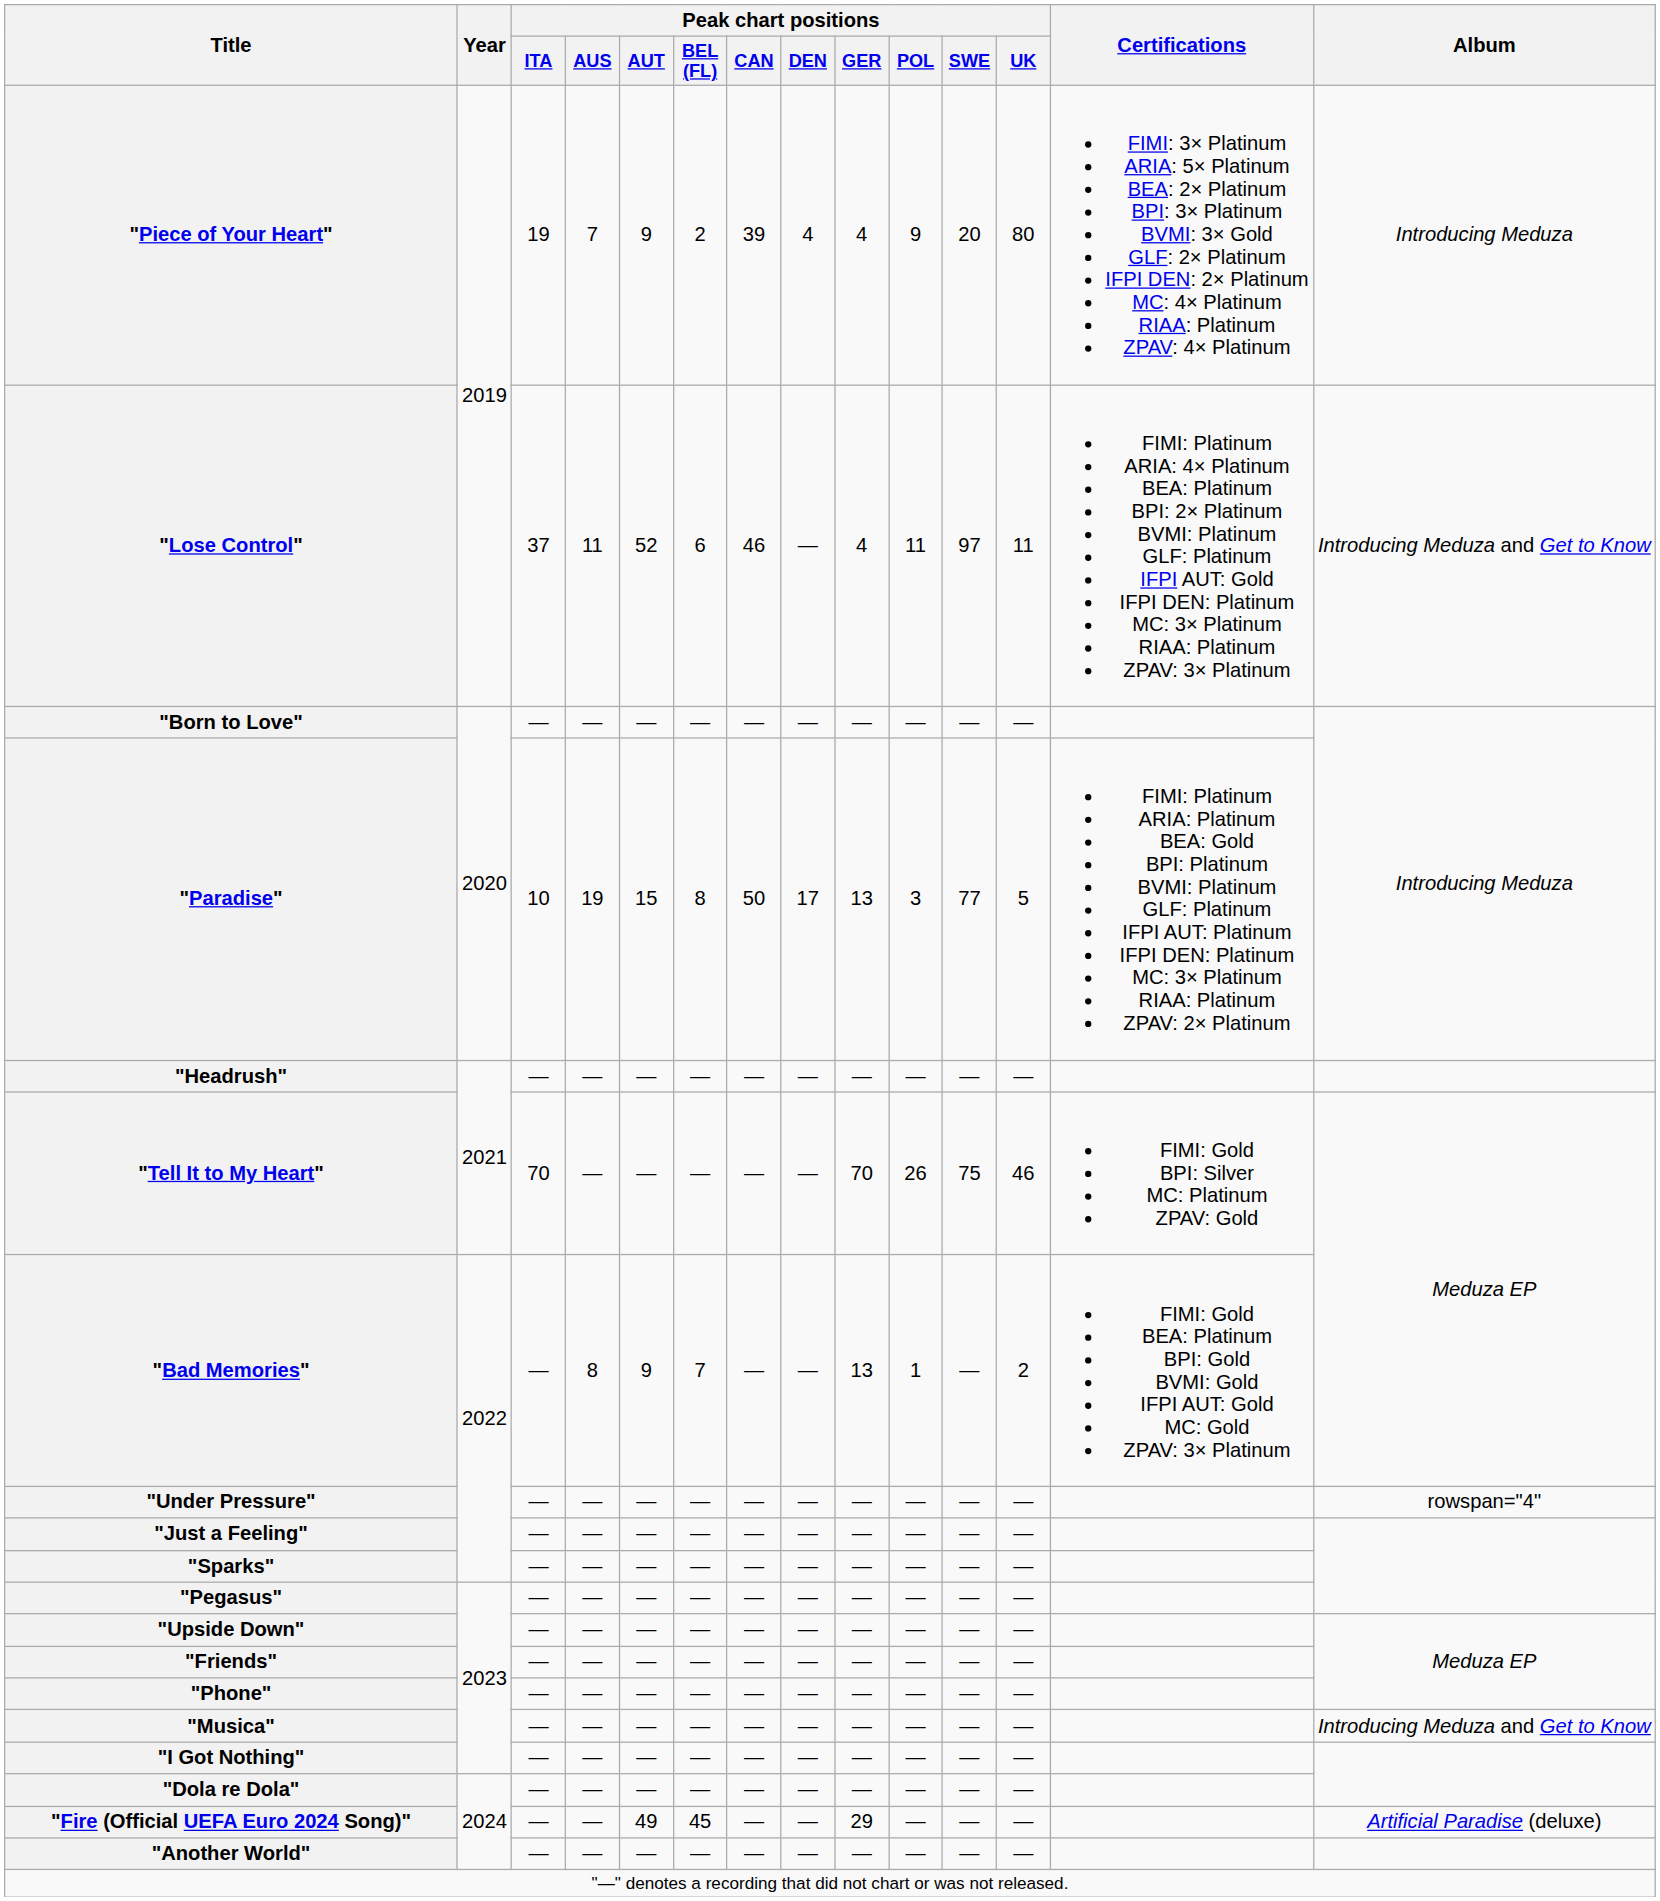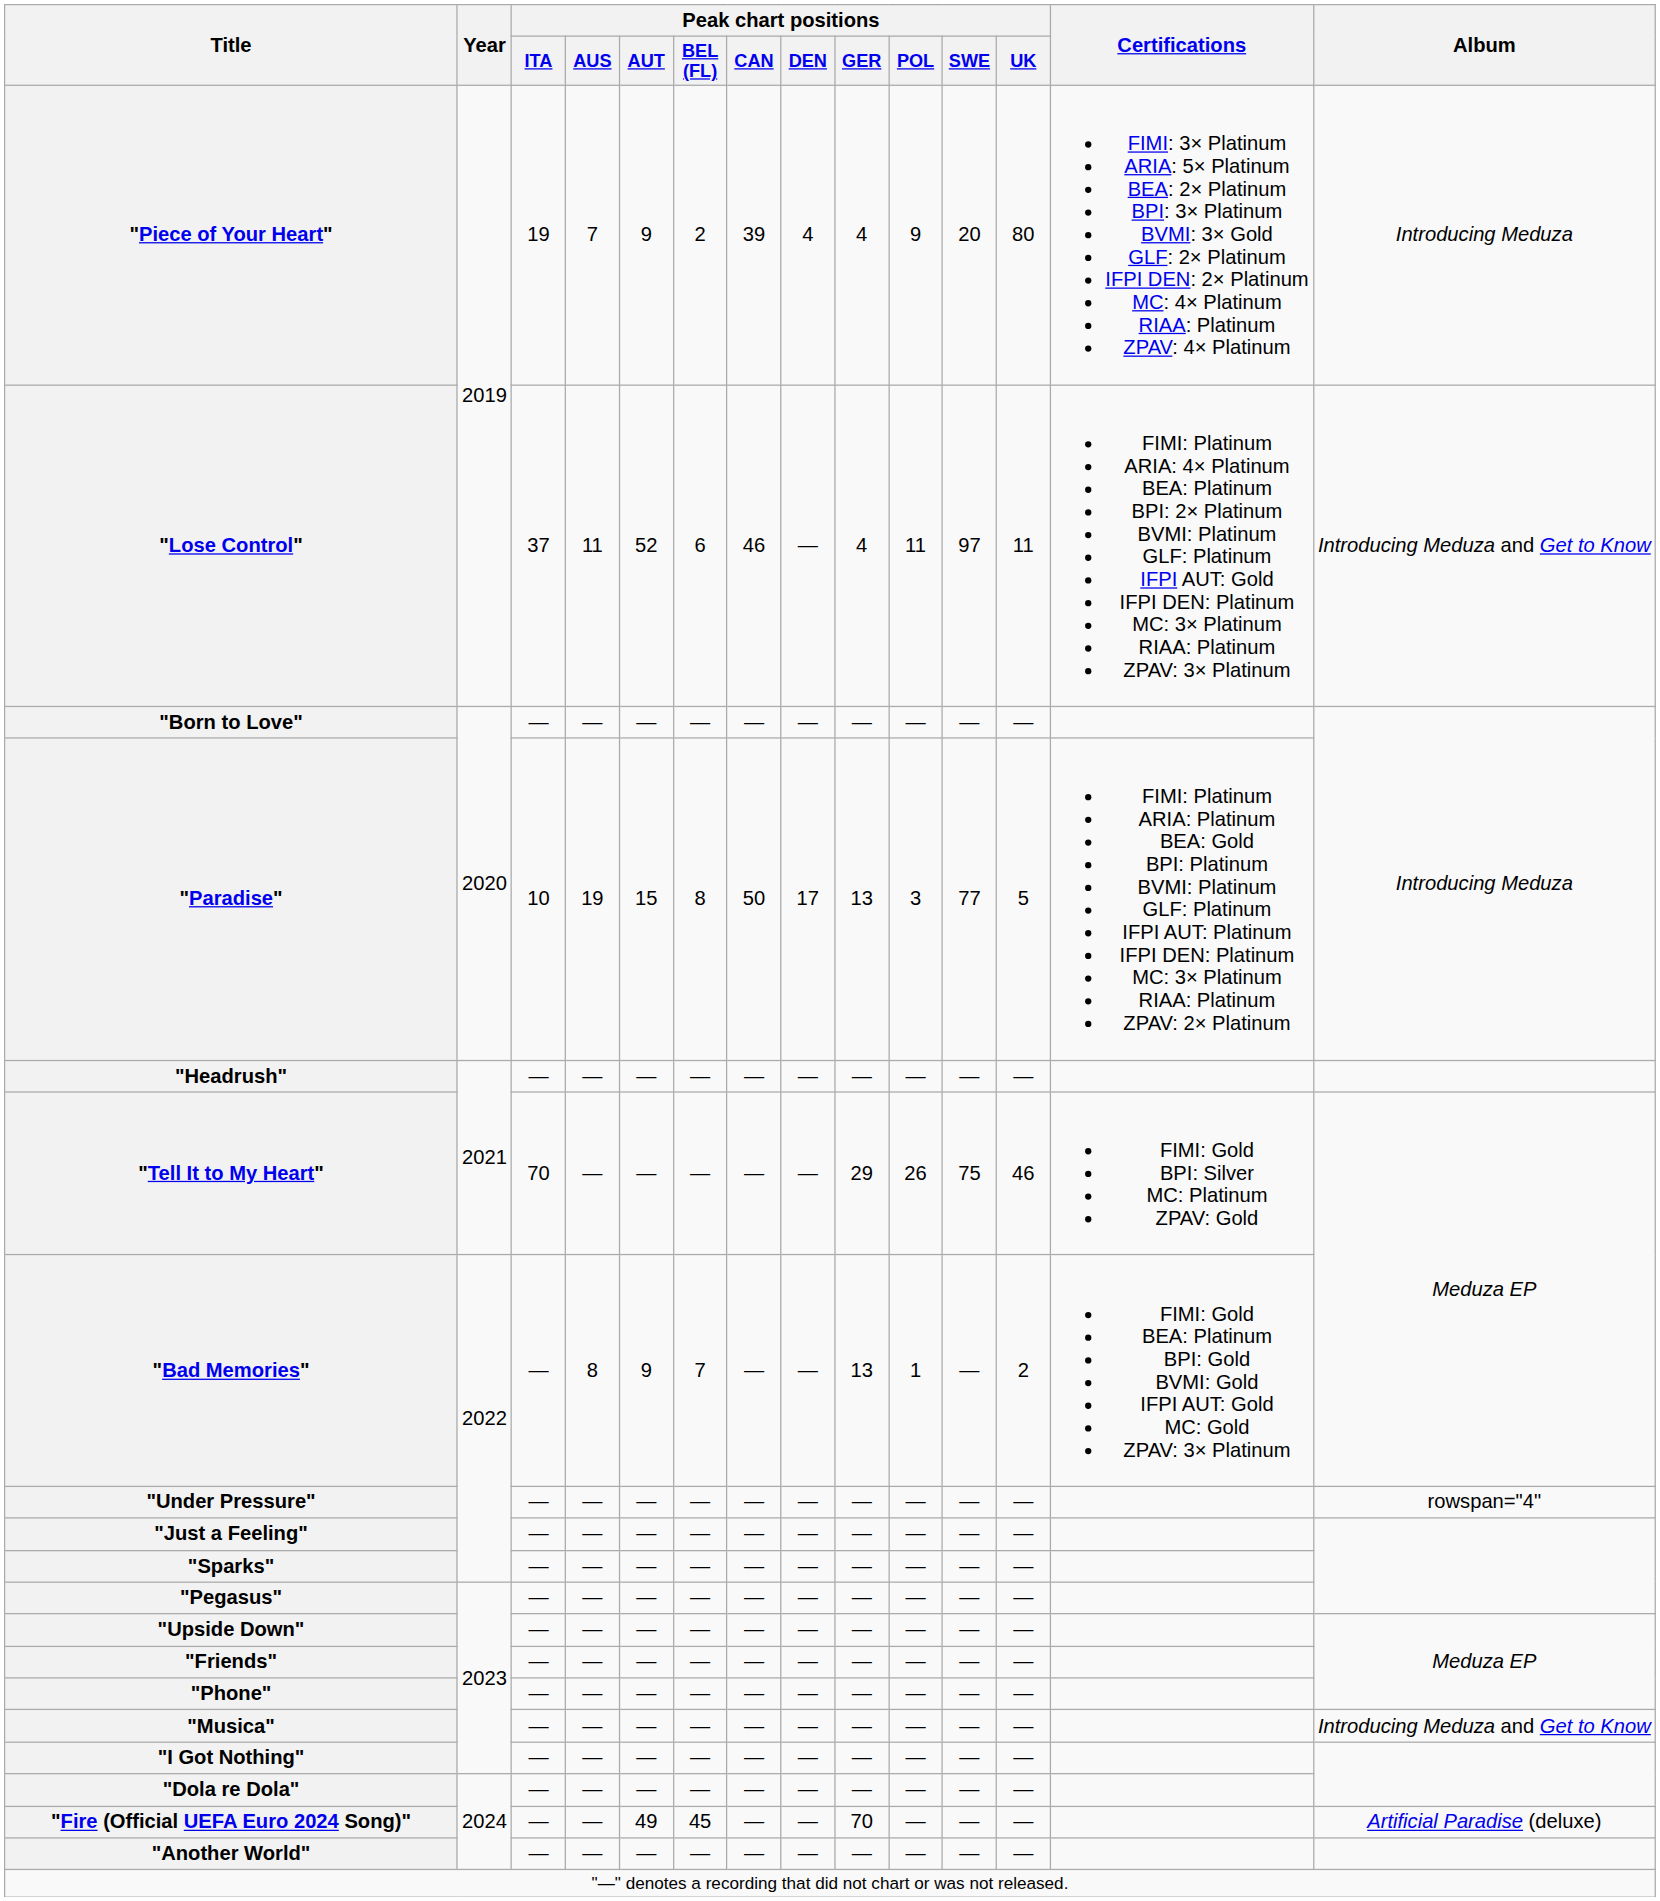 <table class="wikitable plainrowheaders" style="text-align:center;">
 <tr>
 <th scope="col" rowspan="2" style="width:22em;">Title</th>
 <th scope="col" rowspan="2" style="width:1em;">Year</th>
 <th scope="col" colspan="10">Peak chart positions</th>
 <th scope="col" rowspan="2"><a href='#'>Certifications</a></th>
 <th scope="col" rowspan="2">Album</th>
 </tr>
 <tr>
 <th scope="col" style="width:2.5em;font-size:90%;"><a href='#'>ITA</a><br></th>
 <th scope="col" style="width:2.5em;font-size:90%;"><a href='#'>AUS</a><br></th>
 <th scope="col" style="width:2.5em;font-size:90%;"><a href='#'>AUT</a><br></th>
 <th scope="col" style="width:2.5em;font-size:90%;"><a href='#'>BEL (FL)</a><br></th>
 <th scope="col" style="width:2.5em;font-size:90%;"><a href='#'>CAN</a><br></th>
 <th scope="col" style="width:2.5em;font-size:90%;"><a href='#'>DEN</a><br></th>
 <th scope="col" style="width:2.5em;font-size:90%;"><a href='#'>GER</a><br></th>
 <th scope="col" style="width:2.5em;font-size:90%;"><a href='#'>POL</a><br></th>
 <th scope="col" style="width:2.5em;font-size:90%;"><a href='#'>SWE</a><br></th>
 <th scope="col" style="width:2.5em;font-size:90%;"><a href='#'>UK</a><br></th>
 </tr>
 <tr>
 <th scope="row">"<a href='#'>Piece of Your Heart</a>"<br></th>
 <td rowspan="2">2019</td>
 <td>19</td>
 <td>7</td>
 <td>9</td>
 <td>2</td>
 <td>39</td>
 <td>4</td>
 <td>4</td>
 <td>9</td>
 <td>20</td>
 <td>80</td>
 <td><br><ul><li><a href='#'>FIMI</a>: 3× Platinum</li><li><a href='#'>ARIA</a>: 5× Platinum</li><li><a href='#'>BEA</a>: 2× Platinum</li><li><a href='#'>BPI</a>: 3× Platinum</li><li><a href='#'>BVMI</a>: 3× Gold</li><li><a href='#'>GLF</a>: 2× Platinum</li><li><a href='#'>IFPI DEN</a>: 2× Platinum</li><li><a href='#'>MC</a>: 4× Platinum</li><li><a href='#'>RIAA</a>: Platinum</li><li><a href='#'>ZPAV</a>: 4× Platinum</li></ul></td>
 <td><em>Introducing Meduza</em></td>
 </tr>
 <tr>
 <th scope="row">"<a href='#'>Lose Control</a>"<br></th>
 <td>37</td>
 <td>11</td>
 <td>52</td>
 <td>6</td>
 <td>46</td>
 <td>—</td>
 <td>4</td>
 <td>11</td>
 <td>97</td>
 <td>11</td>
 <td><br><ul><li>FIMI: Platinum</li><li>ARIA: 4× Platinum</li><li>BEA: Platinum</li><li>BPI: 2× Platinum</li><li>BVMI: Platinum</li><li>GLF: Platinum</li><li><a href='#'>IFPI</a> AUT: Gold</li><li>IFPI DEN: Platinum</li><li>MC: 3× Platinum</li><li>RIAA: Platinum</li><li>ZPAV: 3× Platinum</li></ul></td>
 <td><em>Introducing Meduza</em> and <em><a href='#'>Get to Know</a></em></td>
 </tr>
 <tr>
 <th scope="row">"Born to Love"<br></th>
 <td rowspan="2">2020</td>
 <td>—</td>
 <td>—</td>
 <td>—</td>
 <td>—</td>
 <td>—</td>
 <td>—</td>
 <td>—</td>
 <td>—</td>
 <td>—</td>
 <td>—</td>
 <td></td>
 <td rowspan="2"><em>Introducing Meduza</em></td>
 </tr>
 <tr>
 <th scope="row">"<a href='#'>Paradise</a>"<br></th>
 <td>10</td>
 <td>19</td>
 <td>15</td>
 <td>8</td>
 <td>50</td>
 <td>17</td>
 <td>13</td>
 <td>3</td>
 <td>77</td>
 <td>5</td>
 <td><br><ul><li>FIMI: Platinum</li><li>ARIA: Platinum</li><li>BEA: Gold</li><li>BPI: Platinum</li><li>BVMI: Platinum</li><li>GLF: Platinum</li><li>IFPI AUT: Platinum</li><li>IFPI DEN: Platinum</li><li>MC: 3× Platinum</li><li>RIAA: Platinum</li><li>ZPAV: 2× Platinum</li></ul></td>
 </tr>
 <tr>
 <th scope="row">"Headrush" <br></th>
 <td rowspan="2">2021</td>
 <td>—</td>
 <td>—</td>
 <td>—</td>
 <td>—</td>
 <td>—</td>
 <td>—</td>
 <td>—</td>
 <td>—</td>
 <td>—</td>
 <td>—</td>
 <td></td>
 <td></td>
 </tr>
 <tr>
 <th scope="row">"<a href='#'>Tell It to My Heart</a>"<br></th>
 <td>70</td>
 <td>—</td>
 <td>—</td>
 <td>—</td>
 <td>—</td>
 <td>—</td>
-<td>70</td>
+<td>29</td>
 <td>26</td>
 <td>75</td>
 <td>46</td>
 <td><br><ul><li>FIMI: Gold</li><li>BPI: Silver</li><li>MC: Platinum</li><li>ZPAV: Gold</li></ul></td>
 <td rowspan="2"><em>Meduza EP</em></td>
 </tr>
 <tr>
 <th scope="row">"<a href='#'>Bad Memories</a>"<br></th>
 <td rowspan="4">2022</td>
 <td>—</td>
 <td>8</td>
 <td>9</td>
 <td>7</td>
 <td>—</td>
 <td>—</td>
 <td>13</td>
 <td>1</td>
 <td>—</td>
 <td>2</td>
 <td><br><ul><li>FIMI: Gold</li><li>BEA: Platinum</li><li>BPI: Gold</li><li>BVMI: Gold</li><li>IFPI AUT: Gold</li><li>MC: Gold</li><li>ZPAV: 3× Platinum</li></ul></td>
 </tr>
 <tr>
 <th scope="row">"Under Pressure"<br></th>
 <td>—</td>
 <td>—</td>
 <td>—</td>
 <td>—</td>
 <td>—</td>
 <td>—</td>
 <td>—</td>
 <td>—</td>
 <td>—</td>
 <td>—</td>
 <td></td>
 <td>rowspan="4" </td>
 </tr>
 <tr>
 <th scope="row">"Just a Feeling"<br></th>
 <td>—</td>
 <td>—</td>
 <td>—</td>
 <td>—</td>
 <td>—</td>
 <td>—</td>
 <td>—</td>
 <td>—</td>
 <td>—</td>
 <td>—</td>
 <td></td>
 </tr>
 <tr>
 <th scope="row">"Sparks"<br></th>
 <td>—</td>
 <td>—</td>
 <td>—</td>
 <td>—</td>
 <td>—</td>
 <td>—</td>
 <td>—</td>
 <td>—</td>
 <td>—</td>
 <td>—</td>
 <td></td>
 </tr>
 <tr>
 <th scope="row">"Pegasus"<br></th>
 <td rowspan="6">2023</td>
 <td>—</td>
 <td>—</td>
 <td>—</td>
 <td>—</td>
 <td>—</td>
 <td>—</td>
 <td>—</td>
 <td>—</td>
 <td>—</td>
 <td>—</td>
 <td></td>
 </tr>
 <tr>
 <th scope="row">"Upside Down"<br></th>
 <td>—</td>
 <td>—</td>
 <td>—</td>
 <td>—</td>
 <td>—</td>
 <td>—</td>
 <td>—</td>
 <td>—</td>
 <td>—</td>
 <td>—</td>
 <td></td>
 <td rowspan="3"><em>Meduza EP</em></td>
 </tr>
 <tr>
 <th scope="row">"Friends"</th>
 <td>—</td>
 <td>—</td>
 <td>—</td>
 <td>—</td>
 <td>—</td>
 <td>—</td>
 <td>—</td>
 <td>—</td>
 <td>—</td>
 <td>—</td>
 <td></td>
 </tr>
 <tr>
 <th scope="row">"Phone"<br></th>
 <td>—</td>
 <td>—</td>
 <td>—</td>
 <td>—</td>
 <td>—</td>
 <td>—</td>
 <td>—</td>
 <td>—</td>
 <td>—</td>
 <td>—</td>
 <td></td>
 </tr>
 <tr>
 <th scope="row">"Musica"</th>
 <td>—</td>
 <td>—</td>
 <td>—</td>
 <td>—</td>
 <td>—</td>
 <td>—</td>
 <td>—</td>
 <td>—</td>
 <td>—</td>
 <td>—</td>
 <td></td>
 <td><em>Introducing Meduza</em> and <em><a href='#'>Get to Know</a></em></td>
 </tr>
 <tr>
 <th scope="row">"I Got Nothing"<br></th>
 <td>—</td>
 <td>—</td>
 <td>—</td>
 <td>—</td>
 <td>—</td>
 <td>—</td>
 <td>—</td>
 <td>—</td>
 <td>—</td>
 <td>—</td>
 <td></td>
 </tr>
 <tr>
 <th scope="row">"Dola re Dola"<br></th>
 <td rowspan="3">2024</td>
 <td>—</td>
 <td>—</td>
 <td>—</td>
 <td>—</td>
 <td>—</td>
 <td>—</td>
 <td>—</td>
 <td>—</td>
 <td>—</td>
 <td>—</td>
 <td></td>
 </tr>
 <tr>
 <th scope="row">"<a href='#'>Fire</a> (Official <a href='#'>UEFA Euro 2024</a> Song)"<br></th>
 <td>—</td>
 <td>—</td>
 <td>49</td>
 <td>45</td>
 <td>—</td>
 <td>—</td>
-<td>29</td>
+<td>70</td>
 <td>—</td>
 <td>—</td>
 <td>—</td>
 <td></td>
 <td><em><a href='#'>Artificial Paradise</a></em> (deluxe)</td>
 </tr>
 <tr>
 <th scope="row">"Another World" <br></th>
 <td>—</td>
 <td>—</td>
 <td>—</td>
 <td>—</td>
 <td>—</td>
 <td>—</td>
 <td>—</td>
 <td>—</td>
 <td>—</td>
 <td>—</td>
 <td></td>
 <td></td>
 </tr>
 <tr>
 <td colspan="14" style="font-size:85%">"—" denotes a recording that did not chart or was not released.</td>
 </tr>
 </table>
